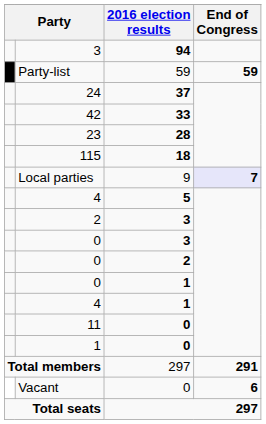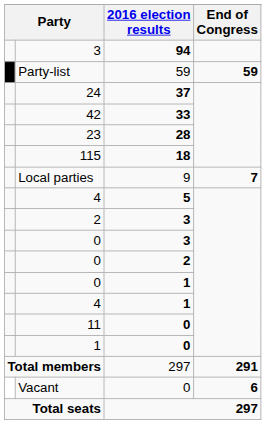 <table class="wikitable sortable" style="text-align:right">
 <tr>
 </tr>
 <tr>
 <th colspan="2" style="text-align:center;">Party</th>
 <th><a href='#'>2016 election<br>results</a></th>
 <th>End of<br>Congress</th>
 </tr>
 <tr>
 <td></td>
 <td>3</td>
 <td><strong>94</strong></td>
 </tr>
 <tr>
 <td bgcolor="black"> </td>
 <td style="text-align:left;">Party-list</td>
 <td>59</td>
 <td><strong>59</strong></td>
 </tr>
 <tr>
 <td></td>
 <td>24</td>
 <td><strong>37</strong></td>
 </tr>
 <tr>
 <td></td>
 <td>42</td>
 <td><strong>33</strong></td>
 </tr>
 <tr>
 <td></td>
 <td>23</td>
 <td><strong>28</strong></td>
 </tr>
 <tr>
 <td></td>
 <td>115</td>
 <td><strong>18</strong></td>
 </tr>
 <tr>
 <td></td>
 <td style="text-align:left;">Local parties</td>
 <td>9</td>
-<td style="background: lavender;"><strong>7</strong></td>
+<td><strong>7</strong></td>
 </tr>
 <tr>
 <td></td>
 <td>4</td>
 <td><strong>5</strong></td>
 </tr>
 <tr>
 <td></td>
 <td>2</td>
 <td><strong>3</strong></td>
 </tr>
 <tr>
 <td></td>
 <td>0</td>
 <td><strong>3</strong></td>
 </tr>
 <tr>
 <td></td>
 <td>0</td>
 <td><strong>2</strong></td>
 </tr>
 <tr>
 <td></td>
 <td>0</td>
 <td><strong>1</strong></td>
 </tr>
 <tr>
 <td></td>
 <td>4</td>
 <td><strong>1</strong></td>
 </tr>
 <tr>
 <td></td>
 <td>11</td>
 <td><strong>0</strong></td>
 </tr>
 <tr>
 <td></td>
 <td>1</td>
 <td><strong>0</strong></td>
 </tr>
 <tr>
 <td colspan="2" rowspan="1"><strong>Total members</strong></td>
 <td>297</td>
 <td><strong>291</strong></td>
 </tr>
 <tr>
 <td bgcolor="#FFFFFF"> </td>
 <td style="text-align:left;">Vacant</td>
 <td>0</td>
 <td><strong>6</strong></td>
 </tr>
 <tr>
 <td colspan="2" rowspan="1"><strong>Total seats</strong></td>
 <td colspan="2"><strong>297</strong></td>
 </tr>
 </table>
